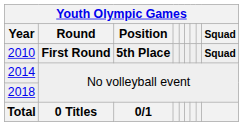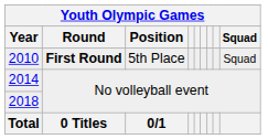 <table class="wikitable" style="text-align: center;">
 <tr>
 <th colspan=9><a href='#'>Youth Olympic Games</a></th>
 </tr>
 <tr>
 <th>Year</th>
 <th>Round</th>
 <th>Position</th>
 <th></th>
 <th></th>
 <th></th>
 <th></th>
 <th></th>
 <th><small>Squad</small></th>
 </tr>
 <tr bgcolor="efefef">
 <td> <a href='#'>2010</a></td>
 <td><strong>First Round</strong></td>
-<td><strong>5th Place</strong></td>
+<td>5th Place</td>
 <td></td>
 <td></td>
 <td></td>
 <td></td>
 <td></td>
-<td><strong><small> Squad </small></strong></td>
+<td><small> Squad </small></td>
 </tr>
 <tr bgcolor="efefef">
 <td> <a href='#'>2014</a></td>
 <td colspan=9 rowspan=2 align=center>No volleyball event</td>
 </tr>
 <tr bgcolor="efefef">
 <td> <a href='#'>2018</a></td>
 </tr>
 <tr>
 <th>Total</th>
 <th>0 Titles</th>
 <th>0/1</th>
 <th></th>
 <th></th>
 <th></th>
 <th></th>
 <th></th>
 <th></th>
 </tr>
 </table>
